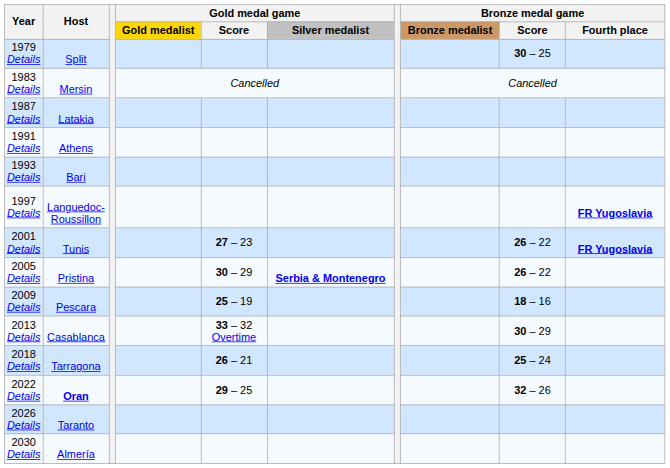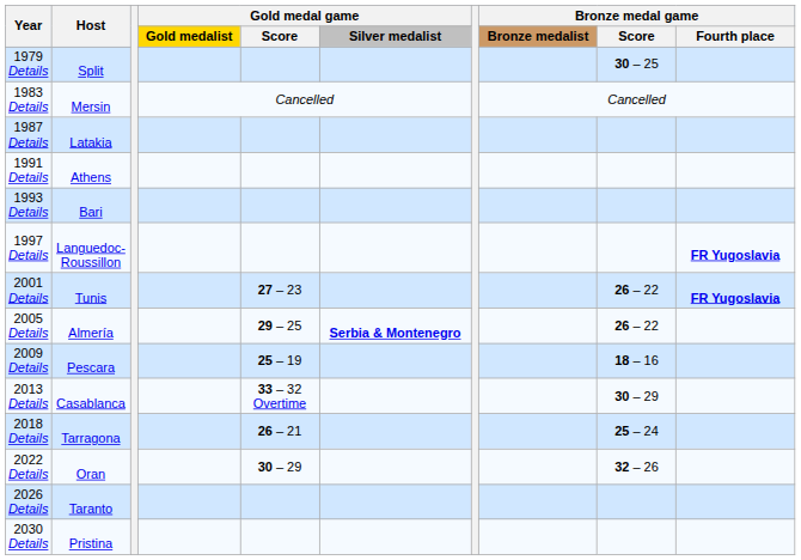 <table class=wikitable style="text-align:center; font-size:90%;">
 <tr bgcolor=#C1D8FF>
 <th rowspan=2 width=5%>Year</th>
 <th rowspan=2 width=10%>Host</th>
 <th width=1% rowspan=16 bgcolor=ffffff></th>
 <th colspan=3>Gold medal game</th>
 <th width=1% rowspan=16 bgcolor=ffffff></th>
 <th colspan=3>Bronze medal game</th>
 </tr>
 <tr bgcolor=#EFEFEF>
 <th style="background:gold; width=15%"> Gold medalist</th>
 <th width=10%>Score</th>
 <th style="background:silver; width=15%"> Silver medalist</th>
 <th style="background:#cc9966; width=15%"> Bronze medalist</th>
 <th width=10%>Score</th>
 <th width=15%>Fourth place</th>
 </tr>
 <tr bgcolor=#D0E7FF>
 <td>1979<br><em><a href='#'>Details</a></em></td>
 <td> <br><a href='#'>Split</a></td>
 <td><strong></strong></td>
 <td></td>
 <td></td>
 <td></td>
 <td><strong>30</strong> – 25</td>
 <td></td>
 </tr>
 <tr bgcolor=#F5FAFF>
 <td>1983<br><em><a href='#'>Details</a></em></td>
 <td> <br><a href='#'>Mersin</a></td>
 <td colspan=3><em>Cancelled</em></td>
 <td colspan=3><em>Cancelled</em></td>
 </tr>
 <tr bgcolor=#D0E7FF>
 <td>1987<br><em><a href='#'>Details</a></em></td>
 <td> <br><a href='#'>Latakia</a></td>
 <td><strong></strong></td>
 <td></td>
 <td></td>
 <td></td>
 <td></td>
 <td></td>
 </tr>
 <tr bgcolor=#F5FAFF>
 <td>1991<br><em><a href='#'>Details</a></em></td>
 <td> <br><a href='#'>Athens</a></td>
 <td><strong></strong></td>
 <td></td>
 <td></td>
 <td></td>
 <td></td>
 <td></td>
 </tr>
 <tr bgcolor=#D0E7FF>
 <td>1993<br><em><a href='#'>Details</a></em></td>
 <td> <br><a href='#'>Bari</a></td>
 <td><strong></strong></td>
 <td></td>
 <td></td>
 <td></td>
 <td></td>
 <td></td>
 </tr>
 <tr bgcolor=#F5FAFF>
 <td>1997<br><em><a href='#'>Details</a></em></td>
 <td> <br><a href='#'>Languedoc-Roussillon</a></td>
 <td><strong></strong></td>
 <td></td>
 <td></td>
 <td></td>
 <td></td>
 <td><strong><br><a href='#'>FR Yugoslavia</a></strong></td>
 </tr>
 <tr bgcolor=#D0E7FF>
 <td>2001<br><em><a href='#'>Details</a></em></td>
 <td> <br><a href='#'>Tunis</a></td>
 <td><strong></strong></td>
 <td><strong>27</strong> – 23</td>
 <td></td>
 <td></td>
 <td><strong>26</strong> – 22</td>
 <td><strong><br><a href='#'>FR Yugoslavia</a></strong></td>
 </tr>
 <tr bgcolor=#F5FAFF>
 <td>2005<br><em><a href='#'>Details</a></em></td>
-<td> <br><a href='#'>Pristina</a></td>
+<td> <br><a href='#'>Almería</a></td>
 <td><strong></strong></td>
-<td><strong>30</strong> – 29</td>
+<td><strong>29</strong> – 25</td>
 <td><strong><br><a href='#'>Serbia & Montenegro</a></strong></td>
 <td></td>
 <td><strong>26</strong> – 22</td>
 <td></td>
 </tr>
 <tr bgcolor=#D0E7FF>
 <td>2009<br><em><a href='#'>Details</a></em></td>
 <td> <br><a href='#'>Pescara</a></td>
 <td><strong></strong></td>
 <td><strong>25</strong> – 19</td>
 <td></td>
 <td></td>
 <td><strong>18</strong> – 16</td>
 <td></td>
 </tr>
 <tr bgcolor=#F5FAFF>
 <td>2013<br><em><a href='#'>Details</a></em></td>
 <td> <br><a href='#'>Casablanca</a></td>
 <td><strong></strong></td>
 <td><strong>33</strong> – 32  <br> <a href='#'>Overtime</a></td>
 <td></td>
 <td></td>
 <td><strong>30</strong> – 29</td>
 <td></td>
 </tr>
 <tr bgcolor=#D0E7FF>
 <td>2018<br><em><a href='#'>Details</a></em></td>
 <td> <br><a href='#'>Tarragona</a></td>
 <td><strong></strong></td>
 <td><strong>26</strong> – 21</td>
 <td></td>
 <td></td>
 <td><strong>25</strong> – 24</td>
 <td></td>
 </tr>
 <tr bgcolor=#F5FAFF>
 <td>2022<br><em><a href='#'>Details</a></em></td>
-<td><strong> <br><a href='#'>Oran</a></strong></td>
+<td> <br><a href='#'>Oran</a></td>
 <td><strong></strong></td>
-<td><strong>29</strong> – 25</td>
+<td><strong>30</strong> – 29</td>
 <td></td>
 <td></td>
 <td><strong>32</strong> – 26</td>
 <td></td>
 </tr>
 <tr bgcolor=#D0E7FF>
 <td>2026<br><em><a href='#'>Details</a></em></td>
 <td> <br><a href='#'>Taranto</a></td>
 <td></td>
 <td></td>
 <td></td>
 <td></td>
 <td></td>
 <td></td>
 </tr>
 <tr bgcolor=#F5FAFF>
 <td>2030<br><em><a href='#'>Details</a></em></td>
-<td> <br><a href='#'>Almería</a></td>
+<td> <br><a href='#'>Pristina</a></td>
 <td></td>
 <td></td>
 <td></td>
 <td></td>
 <td></td>
 <td></td>
 </tr>
 </table>
